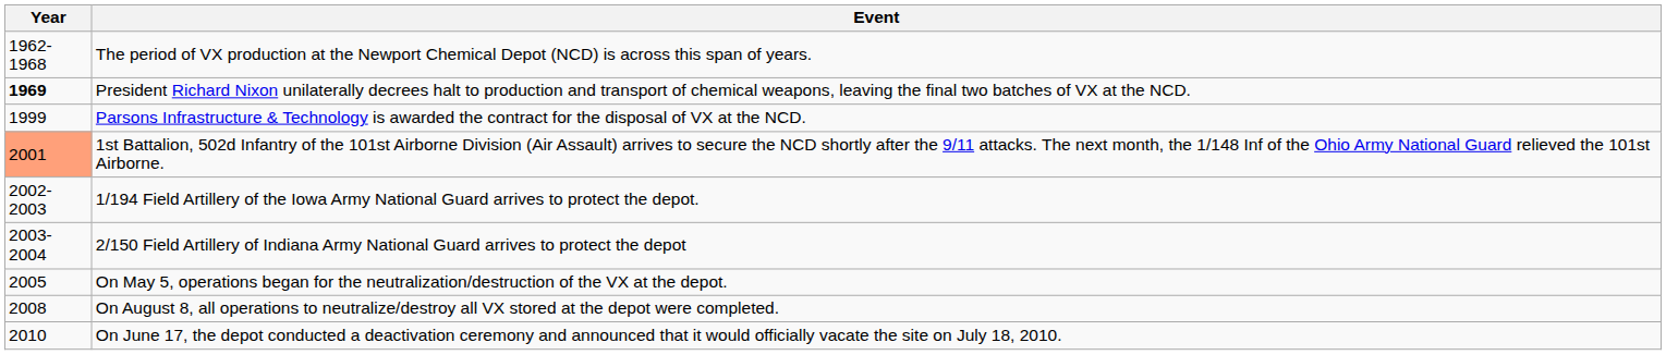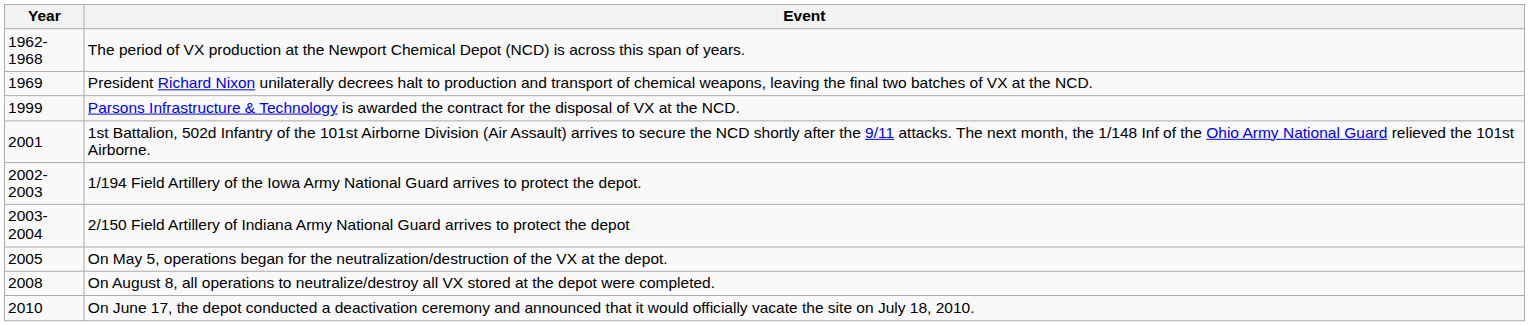 <table class="wikitable">
 <tr>
 <th>Year</th>
 <th>Event</th>
 </tr>
 <tr>
 <td>1962-1968</td>
 <td>The period of VX production at the Newport Chemical Depot (NCD) is across this span of years.</td>
 </tr>
 <tr>
-<td><strong>1969</strong></td>
+<td>1969</td>
 <td>President <a href='#'>Richard Nixon</a> unilaterally decrees halt to production and transport of chemical weapons, leaving the final two batches of VX at the NCD.</td>
 </tr>
 <tr>
 <td>1999</td>
 <td><a href='#'>Parsons Infrastructure & Technology</a> is awarded the contract for the disposal of VX at the NCD.</td>
 </tr>
 <tr>
-<td style="background: lightsalmon;">2001</td>
+<td>2001</td>
 <td>1st Battalion, 502d Infantry of the 101st Airborne Division (Air Assault) arrives to secure the NCD shortly after the <a href='#'>9/11</a> attacks. The next month, the 1/148 Inf of the <a href='#'>Ohio Army National Guard</a> relieved the 101st Airborne.</td>
 </tr>
 <tr>
 <td>2002-2003</td>
 <td>1/194 Field Artillery of the Iowa Army National Guard arrives to protect the depot.</td>
 </tr>
 <tr>
 <td>2003-2004</td>
 <td>2/150 Field Artillery of Indiana Army National Guard arrives to protect the depot</td>
 </tr>
 <tr>
 <td>2005</td>
 <td>On May 5, operations began for the neutralization/destruction of the VX at the depot.</td>
 </tr>
 <tr>
 <td>2008</td>
 <td>On August 8, all operations to neutralize/destroy all VX stored at the depot were completed.</td>
 </tr>
 <tr>
 <td>2010</td>
 <td>On June 17, the depot conducted a deactivation ceremony and announced that it would officially vacate the site on July 18, 2010.</td>
 </tr>
 </table>
